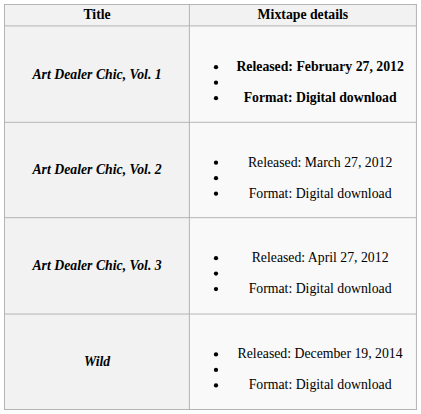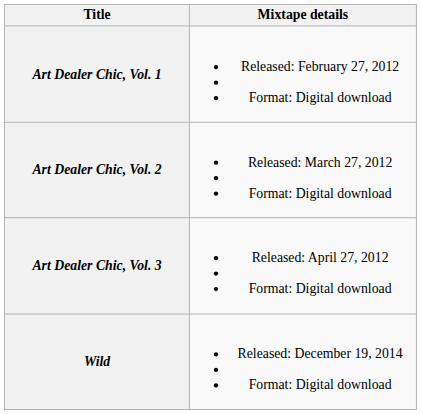 <table class="wikitable plainrowheaders" style="text-align:center;">
 <tr>
 <th scope="col" style="width:13em;">Title</th>
 <th scope="col" style="width:16em;">Mixtape details</th>
 </tr>
 <tr>
 <th scope="row"><em>Art Dealer Chic, Vol. 1</em></th>
-<td><strong><br><ul><li>Released: February 27, 2012</li><li></li><li>Format: Digital download</li></ul></strong></td>
+<td><br><ul><li>Released: February 27, 2012</li><li></li><li>Format: Digital download</li></ul></td>
 </tr>
 <tr>
 <th scope="row"><em>Art Dealer Chic, Vol. 2</em></th>
 <td><br><ul><li>Released: March 27, 2012</li><li></li><li>Format: Digital download</li></ul></td>
 </tr>
 <tr>
 <th scope="row"><em>Art Dealer Chic, Vol. 3</em></th>
 <td><br><ul><li>Released: April 27, 2012</li><li></li><li>Format: Digital download</li></ul></td>
 </tr>
 <tr>
 <th scope="row"><em>Wild</em></th>
 <td><br><ul><li>Released: December 19, 2014</li><li></li><li>Format: Digital download</li></ul></td>
 </tr>
 </table>
